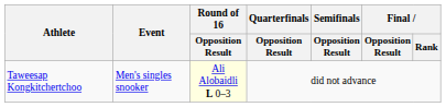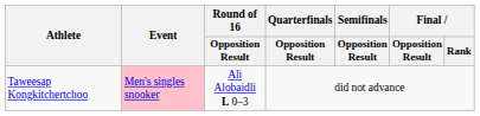 <table class="wikitable" style="font-size:90%">
 <tr>
 <th rowspan="2">Athlete</th>
 <th rowspan="2">Event</th>
 <th>Round of 16</th>
 <th>Quarterfinals</th>
 <th>Semifinals</th>
 <th colspan=2>Final / </th>
 </tr>
 <tr style="font-size:95%">
 <th>Opposition<br>Result</th>
 <th>Opposition<br>Result</th>
 <th>Opposition<br>Result</th>
 <th>Opposition<br>Result</th>
 <th>Rank</th>
 </tr>
 <tr align=center>
 <td align=left><a href='#'>Taweesap Kongkitchertchoo</a></td>
-<td align=left><a href='#'>Men's singles snooker</a></td>
-<td style="background: lightyellow;"> <a href='#'>Ali Alobaidli</a> <br> <strong>L</strong> 0–3</td>
+<td align=left style="background: pink;"><a href='#'>Men's singles snooker</a></td>
+<td> <a href='#'>Ali Alobaidli</a> <br> <strong>L</strong> 0–3</td>
 <td colspan="4">did not advance</td>
 </tr>
 </table>
